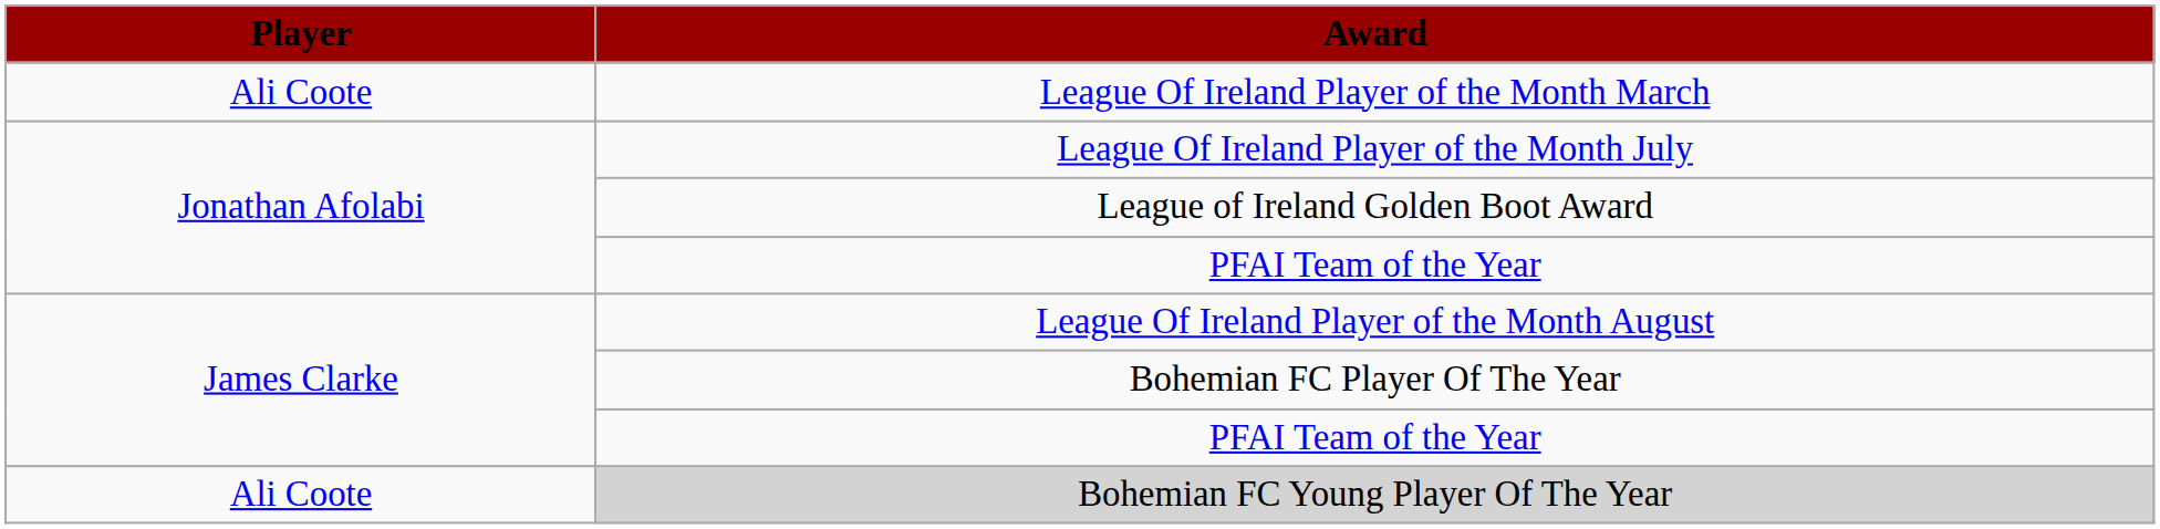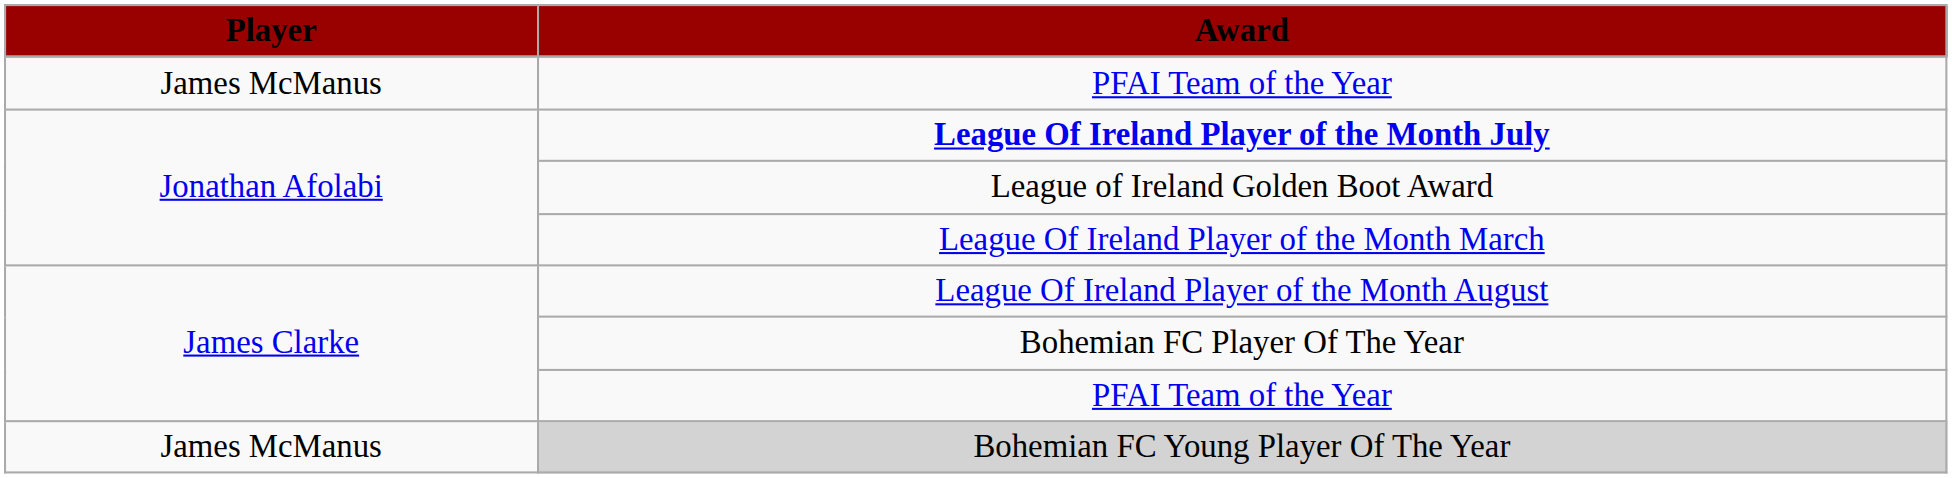 <table class="wikitable" style="text-align:center;width:75%;">
 <tr>
 <th style=background:#990000;color:#000000>Player</th>
 <th style=background:#990000;color:#000000>Award</th>
 </tr>
 <tr>
-<td><a href='#'>Ali Coote</a></td>
-<td><a href='#'>League Of Ireland Player of the Month March</a></td>
+<td>James McManus</td>
+<td><a href='#'>PFAI Team of the Year</a></td>
 </tr>
 <tr>
 <td rowspan="3"><a href='#'>Jonathan Afolabi</a></td>
-<td><a href='#'>League Of Ireland Player of the Month July</a></td>
+<td><strong><a href='#'>League Of Ireland Player of the Month July</a></strong></td>
 </tr>
 <tr>
 <td>League of Ireland Golden Boot Award</td>
 </tr>
 <tr>
-<td><a href='#'>PFAI Team of the Year</a></td>
+<td><a href='#'>League Of Ireland Player of the Month March</a></td>
 </tr>
 <tr>
 <td rowspan="3"><a href='#'>James Clarke</a></td>
 <td><a href='#'>League Of Ireland Player of the Month August</a></td>
 </tr>
 <tr>
 <td>Bohemian FC Player Of The Year</td>
 </tr>
 <tr>
 <td><a href='#'>PFAI Team of the Year</a></td>
 </tr>
 <tr>
-<td><a href='#'>Ali Coote</a></td>
+<td>James McManus</td>
 <td style="background: lightgrey;">Bohemian FC Young Player Of The Year</td>
 </tr>
 </table>
